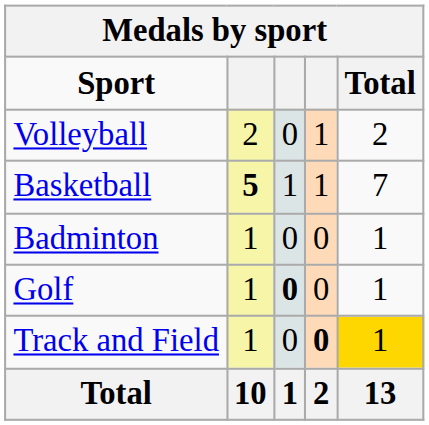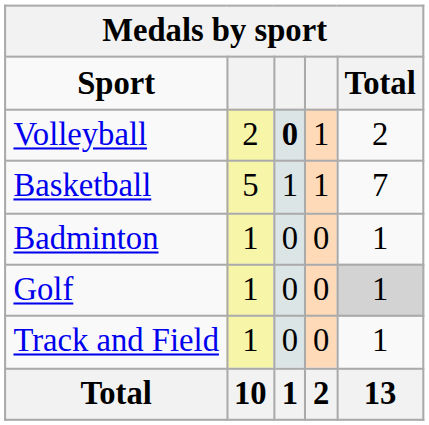 <table class="wikitable" style="text-align:center;float:right">
 <tr>
 <th colspan=5>Medals by sport</th>
 </tr>
 <tr>
 <td><strong>Sport</strong></td>
 <th bgcolor=#f7f6a8></th>
 <th bgcolor=#dce5e5></th>
 <th bgcolor=#ffdab9></th>
 <th>Total</th>
 </tr>
 <tr>
 <td align=left><a href='#'>Volleyball</a></td>
 <td bgcolor=#f7f6a8>2</td>
-<td bgcolor=#dce5e5>0</td>
+<td bgcolor=#dce5e5><strong>0</strong></td>
 <td bgcolor=#ffdab9>1</td>
 <td>2</td>
 </tr>
 <tr>
 <td align=left><a href='#'>Basketball</a></td>
-<td bgcolor=#f7f6a8><strong>5</strong></td>
+<td bgcolor=#f7f6a8>5</td>
 <td bgcolor=#dce5e5>1</td>
 <td bgcolor=#ffdab9>1</td>
 <td>7</td>
 </tr>
 <tr>
 <td align=left><a href='#'>Badminton</a></td>
 <td bgcolor=#f7f6a8>1</td>
 <td bgcolor=#dce5e5>0</td>
 <td bgcolor=#ffdab9>0</td>
 <td>1</td>
 </tr>
 <tr>
 <td align=left><a href='#'>Golf</a></td>
 <td bgcolor=#f7f6a8>1</td>
-<td bgcolor=#dce5e5><strong>0</strong></td>
+<td bgcolor=#dce5e5>0</td>
 <td bgcolor=#ffdab9>0</td>
-<td>1</td>
+<td style="background: lightgrey;">1</td>
 </tr>
 <tr>
 <td align=left><a href='#'>Track and Field</a></td>
 <td bgcolor=#f7f6a8>1</td>
 <td bgcolor=#dce5e5>0</td>
-<td bgcolor=#ffdab9><strong>0</strong></td>
-<td style="background: gold;">1</td>
+<td bgcolor=#ffdab9>0</td>
+<td>1</td>
 </tr>
 <tr>
 <th bgcolor=#efefef><strong>Total</strong></th>
 <th bgcolor=#f7f6a8>10</th>
 <th bgcolor=#dce5e5>1</th>
 <th bgcolor=#ffdab9>2</th>
 <th>13</th>
 </tr>
 </table>
